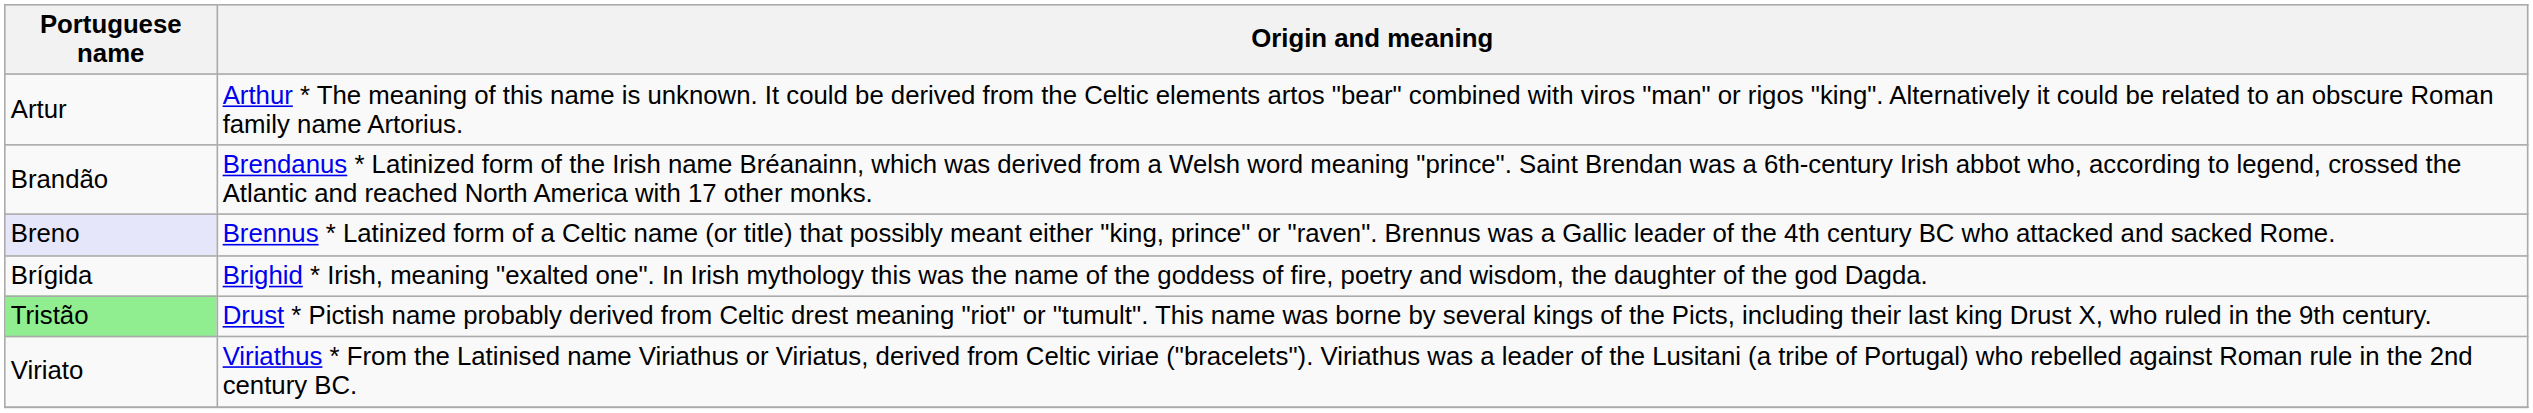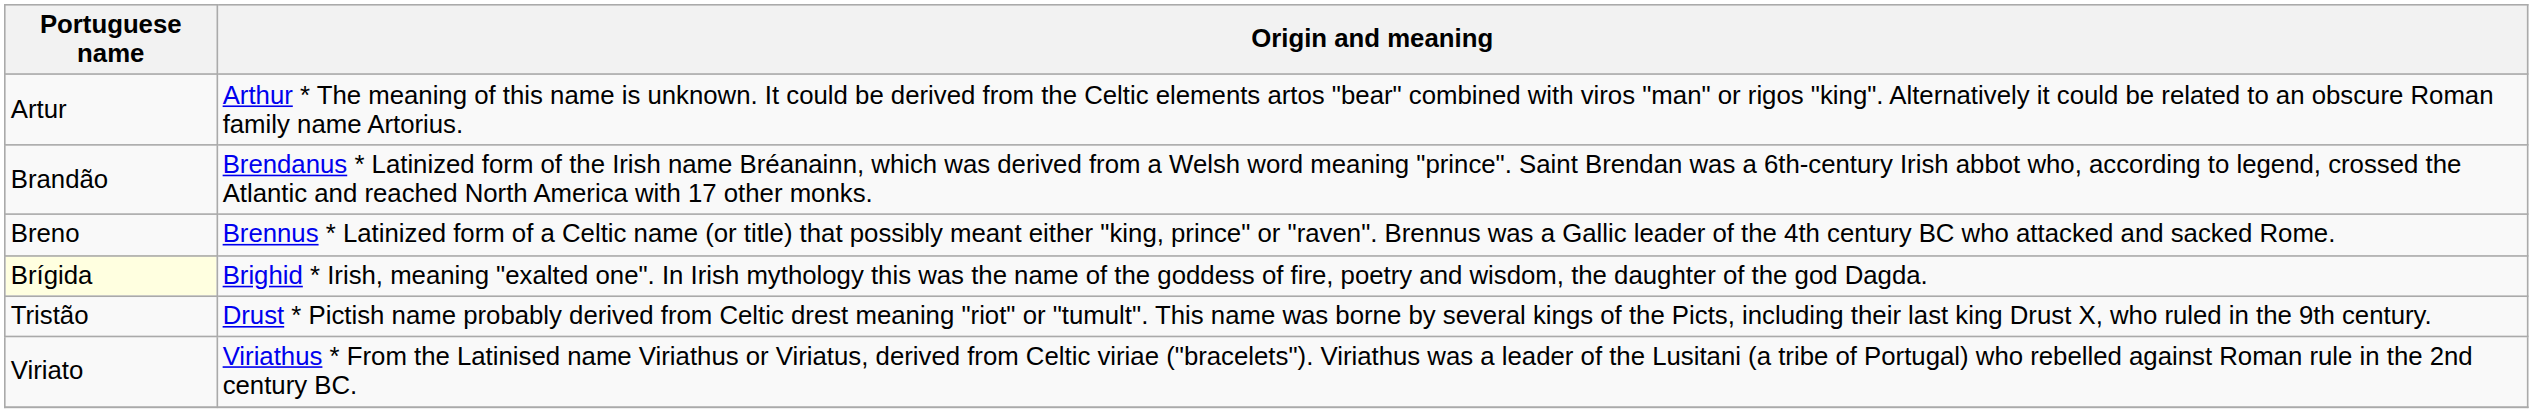 <table class="wikitable">
 <tr>
 <th>Portuguese name</th>
 <th>Origin and meaning</th>
 </tr>
 <tr>
 <td>Artur</td>
 <td><a href='#'>Arthur</a> * The meaning of this name is unknown. It could be derived from the Celtic elements artos "bear" combined with viros "man" or rigos "king". Alternatively it could be related to an obscure Roman family name Artorius.</td>
 </tr>
 <tr>
 <td>Brandão</td>
 <td><a href='#'>Brendanus</a> * Latinized form of the Irish name Bréanainn, which was derived from a Welsh word meaning "prince". Saint Brendan was a 6th-century Irish abbot who, according to legend, crossed the Atlantic and reached North America with 17 other monks.</td>
 </tr>
 <tr>
-<td style="background: lavender;">Breno</td>
+<td>Breno</td>
 <td><a href='#'>Brennus</a> * Latinized form of a Celtic name (or title) that possibly meant either "king, prince" or "raven". Brennus was a Gallic leader of the 4th century BC who attacked and sacked Rome.</td>
 </tr>
 <tr>
-<td>Brígida</td>
+<td style="background: lightyellow;">Brígida</td>
 <td><a href='#'>Brighid</a>  * Irish, meaning "exalted one". In Irish mythology this was the name of the goddess of fire, poetry and wisdom, the daughter of the god Dagda.</td>
 </tr>
 <tr>
-<td style="background: lightgreen;">Tristão</td>
+<td>Tristão</td>
 <td><a href='#'>Drust</a> * Pictish name probably derived from Celtic drest meaning "riot" or "tumult". This name was borne by several kings of the Picts, including their last king Drust X, who ruled in the 9th century.</td>
 </tr>
 <tr>
 <td>Viriato</td>
 <td><a href='#'>Viriathus</a>  * From the Latinised name Viriathus or Viriatus, derived from Celtic viriae ("bracelets"). Viriathus was a leader of the Lusitani (a tribe of Portugal) who rebelled against Roman rule in the 2nd century BC.</td>
 </tr>
 <tr>
 </tr>
 </table>
